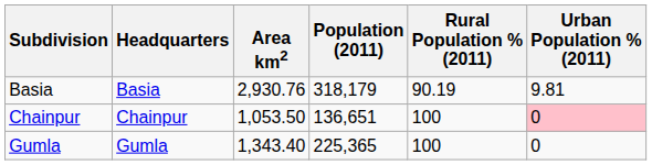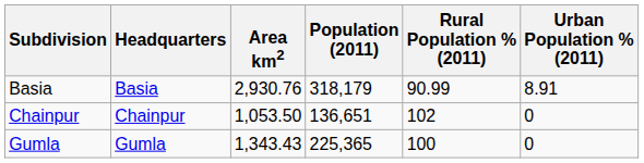 <table class="wikitable sortable">
 <tr>
 <th>Subdivision</th>
 <th>Headquarters</th>
 <th><br>Area<br>km<sup>2</sup></th>
 <th>Population<br>(2011)</th>
 <th>Rural<br>Population %<br>(2011)</th>
 <th>Urban<br> Population % <br>(2011)</th>
 </tr>
 <tr>
 <td>Basia</td>
 <td><a href='#'>Basia</a></td>
 <td>2,930.76</td>
 <td>318,179</td>
-<td>90.19</td>
-<td>9.81</td>
+<td>90.99</td>
+<td>8.91</td>
 </tr>
 <tr>
 <td><a href='#'>Chainpur</a></td>
 <td><a href='#'>Chainpur</a></td>
 <td>1,053.50</td>
 <td>136,651</td>
-<td>100</td>
-<td style="background: pink;">0</td>
+<td>102</td>
+<td>0</td>
 </tr>
 <tr>
 <td><a href='#'>Gumla</a></td>
 <td><a href='#'>Gumla</a></td>
-<td>1,343.40</td>
+<td>1,343.43</td>
 <td>225,365</td>
 <td>100</td>
 <td>0</td>
 </tr>
 </table>
